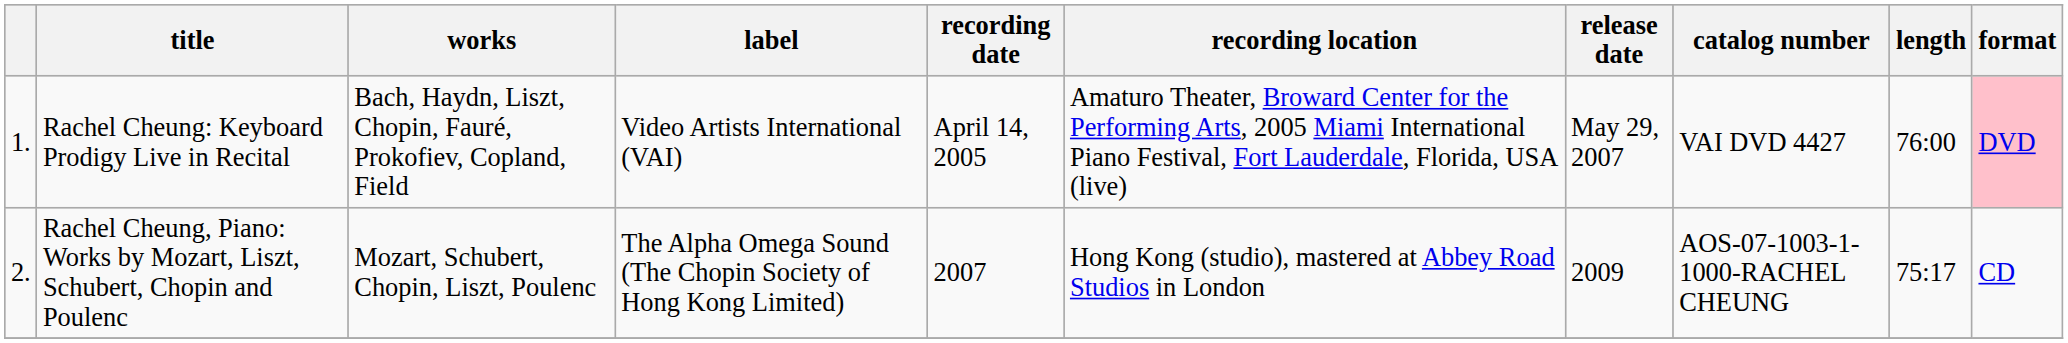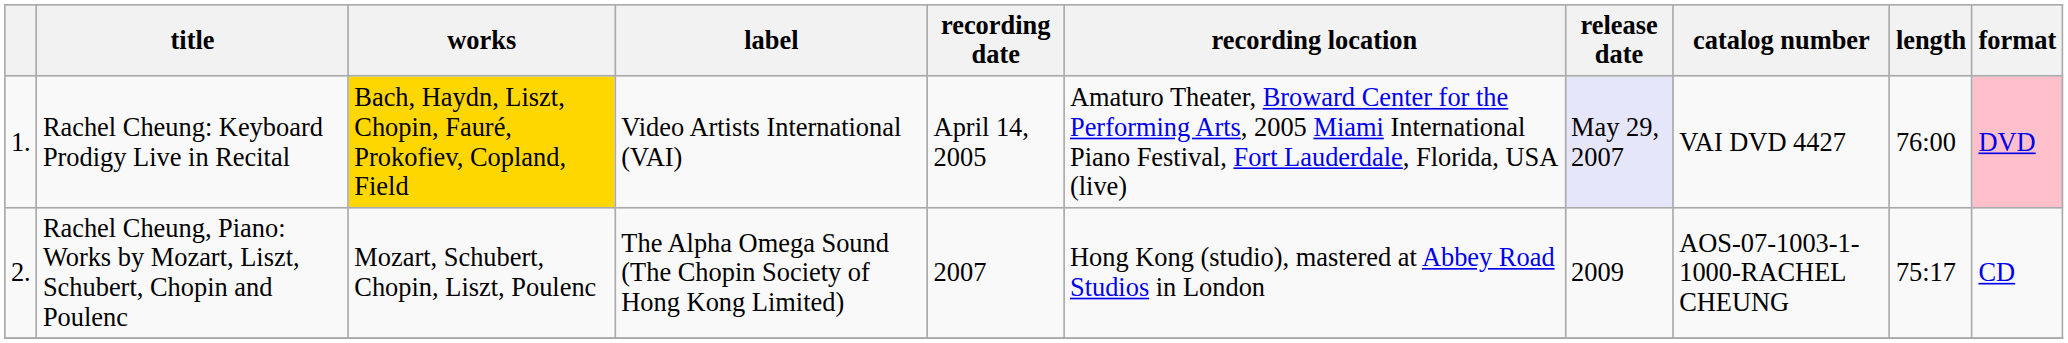 <table class="wikitable">
 <tr>
 <th></th>
 <th>title</th>
 <th>works</th>
 <th>label</th>
 <th>recording date</th>
 <th>recording location</th>
 <th>release date</th>
 <th>catalog number</th>
 <th>length</th>
 <th>format</th>
 </tr>
 <tr>
 <td>1.</td>
 <td>Rachel Cheung: Keyboard Prodigy Live in Recital</td>
-<td>Bach, Haydn, Liszt, Chopin, Fauré, Prokofiev, Copland, Field</td>
+<td style="background: gold;">Bach, Haydn, Liszt, Chopin, Fauré, Prokofiev, Copland, Field</td>
 <td>Video Artists International (VAI)</td>
 <td>April 14, 2005</td>
 <td>Amaturo Theater, <a href='#'>Broward Center for the Performing Arts</a>, 2005 <a href='#'>Miami</a> International Piano Festival, <a href='#'>Fort Lauderdale</a>, Florida, USA (live)</td>
-<td>May 29, 2007</td>
+<td style="background: lavender;">May 29, 2007</td>
 <td>VAI DVD 4427</td>
 <td>76:00</td>
 <td style="background: pink;"><a href='#'>DVD</a></td>
 </tr>
 <tr>
 <td>2.</td>
 <td>Rachel Cheung, Piano: Works by Mozart, Liszt, Schubert, Chopin and Poulenc</td>
 <td>Mozart, Schubert, Chopin, Liszt, Poulenc</td>
 <td>The Alpha Omega Sound (The Chopin Society of Hong Kong Limited)</td>
 <td>2007</td>
 <td>Hong Kong (studio), mastered at <a href='#'>Abbey Road Studios</a> in London</td>
 <td>2009</td>
 <td>AOS-07-1003-1-1000-RACHEL CHEUNG</td>
 <td>75:17</td>
 <td><a href='#'>CD</a></td>
 </tr>
 <tr>
 </tr>
 </table>
